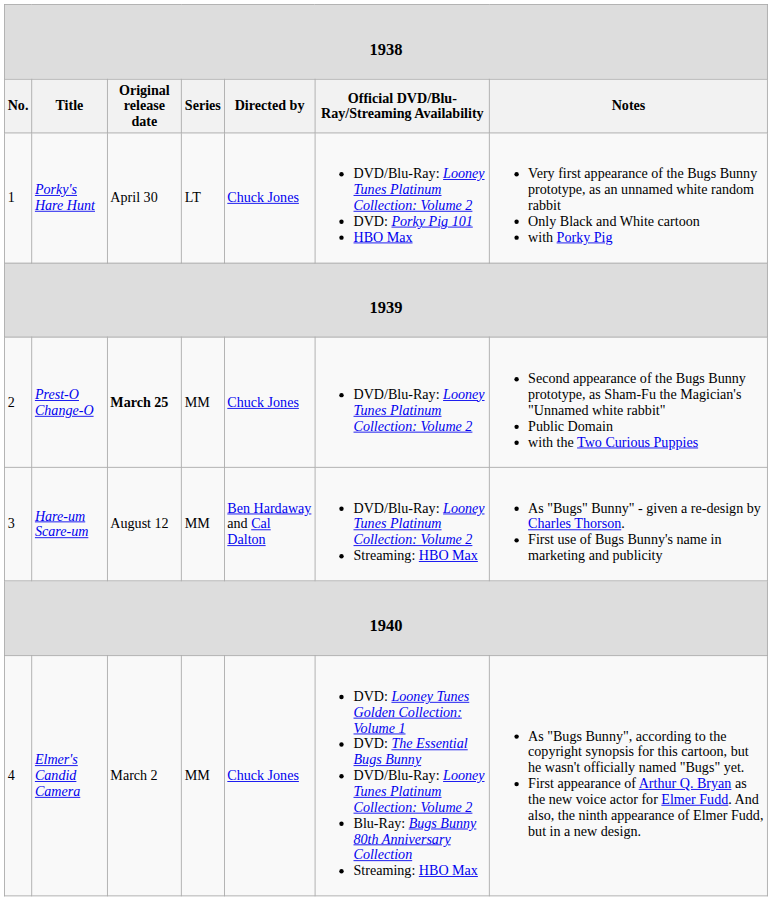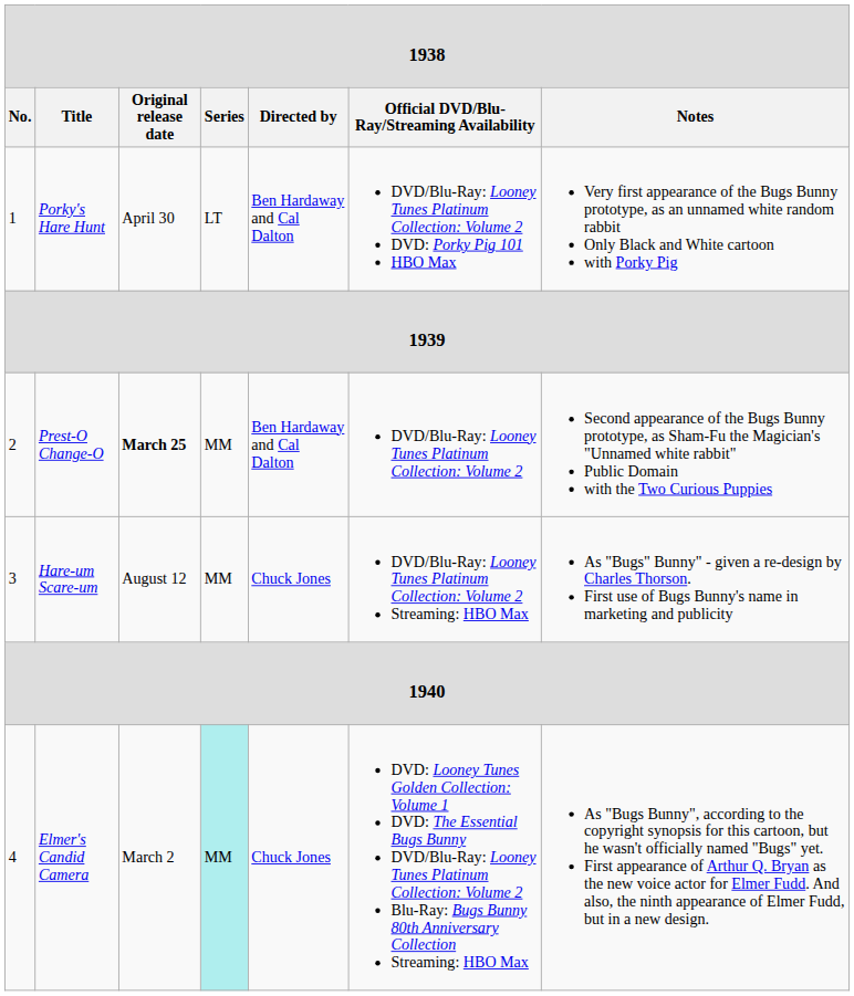 <table class="wikitable sortable">
 <tr>
 <td colspan="7"  style="text-align:center; background:#ddd;"><br><h3>1938</h3></td>
 </tr>
 <tr>
 <th>No.</th>
 <th>Title</th>
 <th>Original release date</th>
 <th>Series</th>
 <th>Directed by</th>
 <th>Official DVD/Blu-Ray/Streaming Availability</th>
 <th>Notes</th>
 </tr>
 <tr>
 <td>1</td>
 <td><em><a href='#'>Porky's Hare Hunt</a></em></td>
 <td>April 30</td>
 <td>LT</td>
-<td><a href='#'>Chuck Jones</a></td>
+<td><a href='#'>Ben Hardaway</a> and <a href='#'>Cal Dalton</a></td>
 <td><br><ul><li>DVD/Blu-Ray: <em><a href='#'>Looney Tunes Platinum Collection: Volume 2</a></em></li><li>DVD: <em><a href='#'>Porky Pig 101</a></em></li><li><a href='#'>HBO Max</a></li></ul></td>
 <td><br><ul><li>Very first appearance of the Bugs Bunny prototype, as an unnamed white random rabbit</li><li>Only Black and White cartoon</li><li>with <a href='#'>Porky Pig</a></li></ul></td>
 </tr>
 <tr>
 <td colspan="7"  style="text-align:center; background:#ddd;"><br><h3>1939</h3></td>
 </tr>
 <tr>
 <td>2</td>
 <td><em><a href='#'>Prest-O Change-O</a></em></td>
 <td><strong>March 25</strong></td>
 <td>MM</td>
-<td><a href='#'>Chuck Jones</a></td>
+<td><a href='#'>Ben Hardaway</a> and <a href='#'>Cal Dalton</a></td>
 <td><br><ul><li>DVD/Blu-Ray: <em><a href='#'>Looney Tunes Platinum Collection: Volume 2</a></em></li></ul></td>
 <td><br><ul><li>Second appearance of the Bugs Bunny prototype, as Sham-Fu the Magician's "Unnamed white rabbit"</li><li>Public Domain</li><li>with the <a href='#'>Two Curious Puppies</a></li></ul></td>
 </tr>
 <tr>
 <td>3</td>
 <td><em><a href='#'>Hare-um Scare-um</a></em></td>
 <td>August 12</td>
 <td>MM</td>
-<td><a href='#'>Ben Hardaway</a> and <a href='#'>Cal Dalton</a></td>
+<td><a href='#'>Chuck Jones</a></td>
 <td><br><ul><li>DVD/Blu-Ray: <em><a href='#'>Looney Tunes Platinum Collection: Volume 2</a></em></li><li>Streaming: <a href='#'>HBO Max</a></li></ul></td>
 <td><br><ul><li>As "Bugs" Bunny" - given a re-design by <a href='#'>Charles Thorson</a>.</li><li>First use of Bugs Bunny's name in marketing and publicity</li></ul></td>
 </tr>
 <tr>
 <td colspan="7"  style="text-align:center; background:#ddd;"><br><h3>1940</h3></td>
 </tr>
 <tr>
 <td>4</td>
 <td><em><a href='#'>Elmer's Candid Camera</a></em></td>
 <td>March 2</td>
-<td>MM</td>
+<td style="background: paleturquoise;">MM</td>
 <td><a href='#'>Chuck Jones</a></td>
 <td><br><ul><li>DVD: <em><a href='#'>Looney Tunes Golden Collection: Volume 1</a></em></li><li>DVD: <em><a href='#'>The Essential Bugs Bunny</a></em></li><li>DVD/Blu-Ray: <em><a href='#'>Looney Tunes Platinum Collection: Volume 2</a></em></li><li>Blu-Ray: <em><a href='#'>Bugs Bunny 80th Anniversary Collection</a></em></li><li>Streaming: <a href='#'>HBO Max</a></li></ul></td>
 <td><br><ul><li>As "Bugs Bunny", according to the copyright synopsis for this cartoon, but he wasn't officially named "Bugs" yet.</li><li>First appearance of <a href='#'>Arthur Q. Bryan</a> as the new voice actor for <a href='#'>Elmer Fudd</a>. And also, the ninth appearance of Elmer Fudd, but in a new design.</li></ul></td>
 </tr>
 </table>
